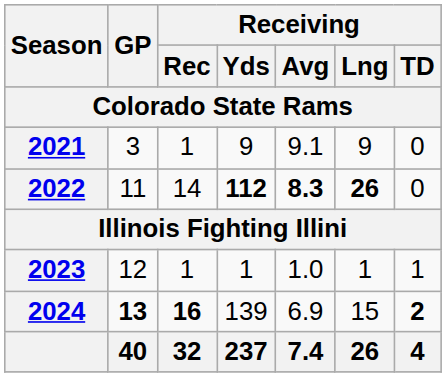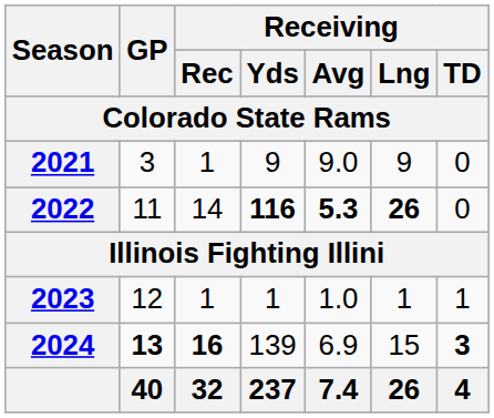 <table class="wikitable" style="text-align:center;">
 <tr>
 <th rowspan="2">Season</th>
 <th rowspan="2">GP</th>
 <th colspan="5">Receiving</th>
 </tr>
 <tr>
 <th>Rec</th>
 <th>Yds</th>
 <th>Avg</th>
 <th>Lng</th>
 <th>TD</th>
 </tr>
 <tr>
 <th colspan="20">Colorado State Rams</th>
 </tr>
 <tr>
 <th><a href='#'>2021</a></th>
 <td>3</td>
 <td>1</td>
 <td>9</td>
-<td>9.1</td>
+<td>9.0</td>
 <td>9</td>
 <td>0</td>
 </tr>
 <tr>
 <th><a href='#'>2022</a></th>
 <td>11</td>
 <td>14</td>
-<td><strong>112</strong></td>
-<td><strong>8.3</strong></td>
+<td><strong>116</strong></td>
+<td><strong>5.3</strong></td>
 <td><strong>26</strong></td>
 <td>0</td>
 </tr>
 <tr>
 <th colspan="20">Illinois Fighting Illini</th>
 </tr>
 <tr>
 <th><a href='#'>2023</a></th>
 <td>12</td>
 <td>1</td>
 <td>1</td>
 <td>1.0</td>
 <td>1</td>
 <td>1</td>
 </tr>
 <tr>
 <th><a href='#'>2024</a></th>
 <td><strong>13</strong></td>
 <td><strong>16</strong></td>
 <td>139</td>
 <td>6.9</td>
 <td>15</td>
-<td><strong>2</strong></td>
+<td><strong>3</strong></td>
 </tr>
 <tr>
 <th></th>
 <th>40</th>
 <th>32</th>
 <th>237</th>
 <th>7.4</th>
 <th>26</th>
 <th>4</th>
 </tr>
 </table>
